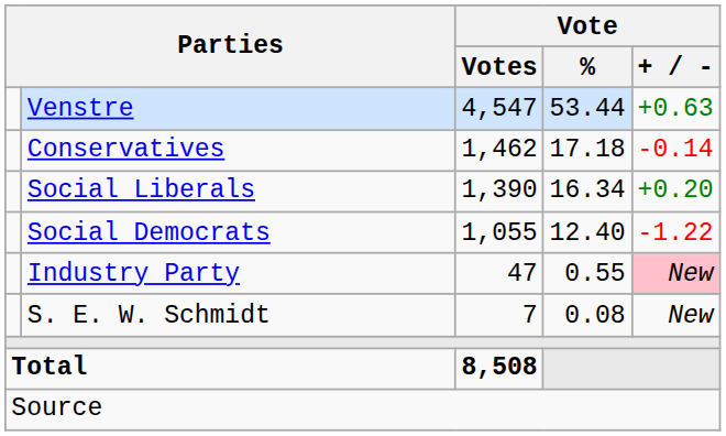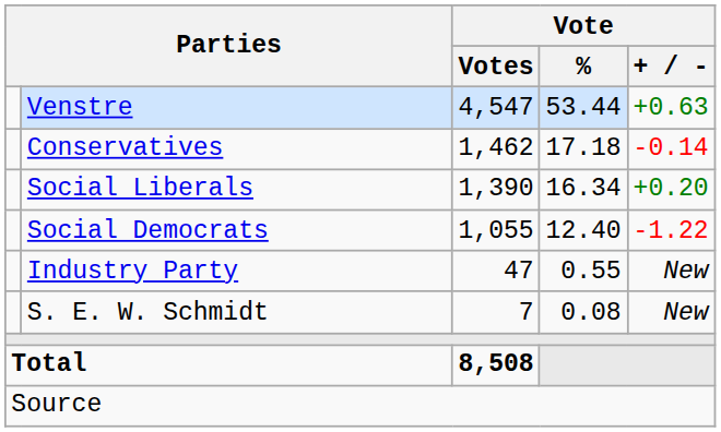 <table class="wikitable" style="text-align:right;">
 <tr>
 <th style="text-align:centre;" rowspan="2" colspan="2" width="225">Parties</th>
 <th colspan="3">Vote</th>
 </tr>
 <tr>
 <th width="15">Votes</th>
 <th width="15">%</th>
 <th width="15">+ / -</th>
 </tr>
 <tr>
 <td width="2" style="color:inherit;background:"></td>
 <td bgcolor=#cfe5fe  align="left"><a href='#'>Venstre</a></td>
 <td bgcolor=#cfe5fe>4,547</td>
 <td bgcolor=#cfe5fe>53.44</td>
 <td style=color:green;>+0.63</td>
 </tr>
 <tr>
 <td width="2" style="color:inherit;background:"></td>
 <td align="left"><a href='#'>Conservatives</a></td>
 <td>1,462</td>
 <td>17.18</td>
 <td style=color:red;>-0.14</td>
 </tr>
 <tr>
 <td width="2" style="color:inherit;background:"></td>
 <td align="left"><a href='#'>Social Liberals</a></td>
 <td>1,390</td>
 <td>16.34</td>
 <td style=color:green;>+0.20</td>
 </tr>
 <tr>
 <td width="2" style="color:inherit;background:"></td>
 <td align="left"><a href='#'>Social Democrats</a></td>
 <td>1,055</td>
 <td>12.40</td>
 <td style=color:red;>-1.22</td>
 </tr>
 <tr>
 <td width="2" style="color:inherit;background:"></td>
 <td align="left"><a href='#'>Industry Party</a></td>
 <td>47</td>
 <td>0.55</td>
-<td style="background: pink;"><em>New</em></td>
+<td><em>New</em></td>
 </tr>
 <tr>
 <td width="2" style="color:inherit;background:"></td>
 <td align="left">S. E. W. Schmidt</td>
 <td>7</td>
 <td>0.08</td>
 <td><em>New</em></td>
 </tr>
 <tr>
 <td colspan="7" bgcolor="#E9E9E9"></td>
 </tr>
 <tr>
 <td align="left" colspan="2"><strong>Total</strong></td>
 <td><strong>8,508</strong></td>
 <td bgcolor="#E9E9E9" colspan="2"></td>
 </tr>
 <tr>
 <td align="left" colspan="6">Source</td>
 </tr>
 </table>
